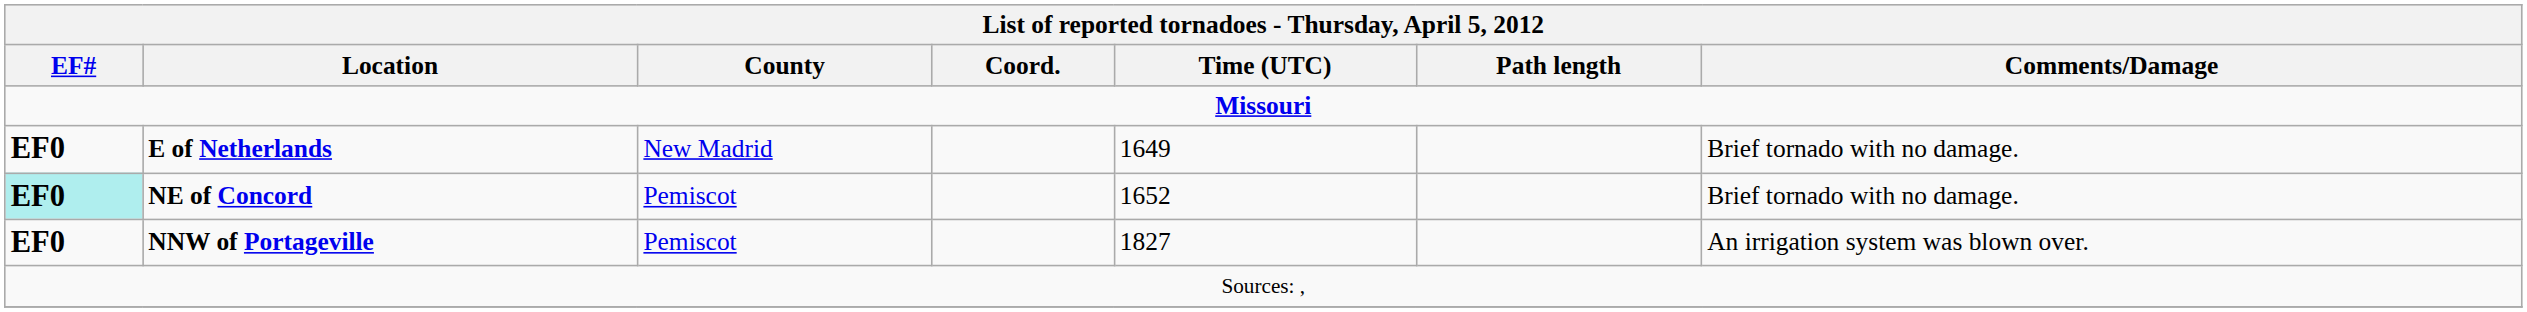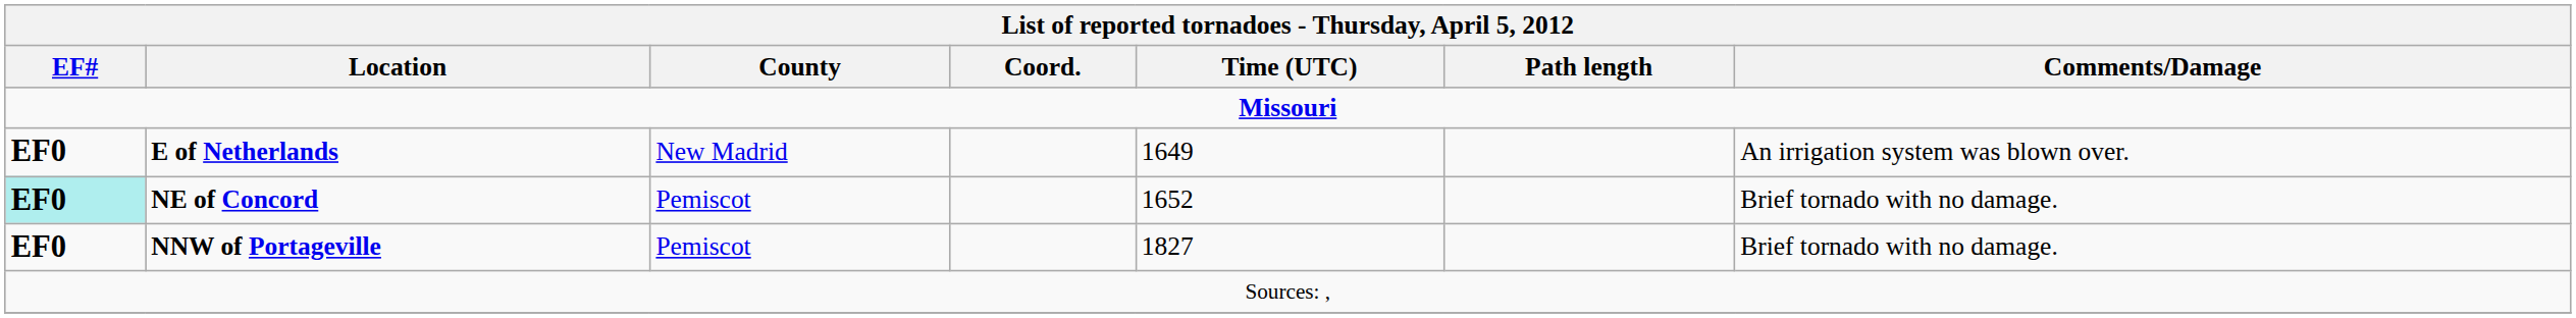 <table class="wikitable collapsible" width="100%">
 <tr>
 <th colspan="7">List of reported tornadoes - Thursday, April 5, 2012</th>
 </tr>
 <tr>
 <th><a href='#'>EF#</a></th>
 <th>Location</th>
 <th>County</th>
 <th>Coord.</th>
 <th>Time (UTC)</th>
 <th>Path length</th>
 <th>Comments/Damage</th>
 </tr>
 <tr>
 <td colspan="7" align=center><strong><a href='#'>Missouri</a></strong></td>
 </tr>
 <tr>
 <td><big><strong>EF0</strong></big></td>
 <td><strong>E of <a href='#'>Netherlands</a></strong></td>
 <td><a href='#'>New Madrid</a></td>
 <td></td>
 <td>1649</td>
 <td></td>
-<td>Brief tornado with no damage.</td>
+<td>An irrigation system was blown over.</td>
 </tr>
 <tr>
 <td style="background: paleturquoise;"><big><strong>EF0</strong></big></td>
 <td><strong>NE of <a href='#'>Concord</a></strong></td>
 <td><a href='#'>Pemiscot</a></td>
 <td></td>
 <td>1652</td>
 <td></td>
 <td>Brief tornado with no damage.</td>
 </tr>
 <tr>
 <td><big><strong>EF0</strong></big></td>
 <td><strong>NNW of <a href='#'>Portageville</a></strong></td>
 <td><a href='#'>Pemiscot</a></td>
 <td></td>
 <td>1827</td>
 <td></td>
-<td>An irrigation system was blown over.</td>
+<td>Brief tornado with no damage.</td>
 </tr>
 <tr>
 <td colspan="7" align=center><small>Sources: , </small></td>
 </tr>
 <tr>
 </tr>
 </table>
